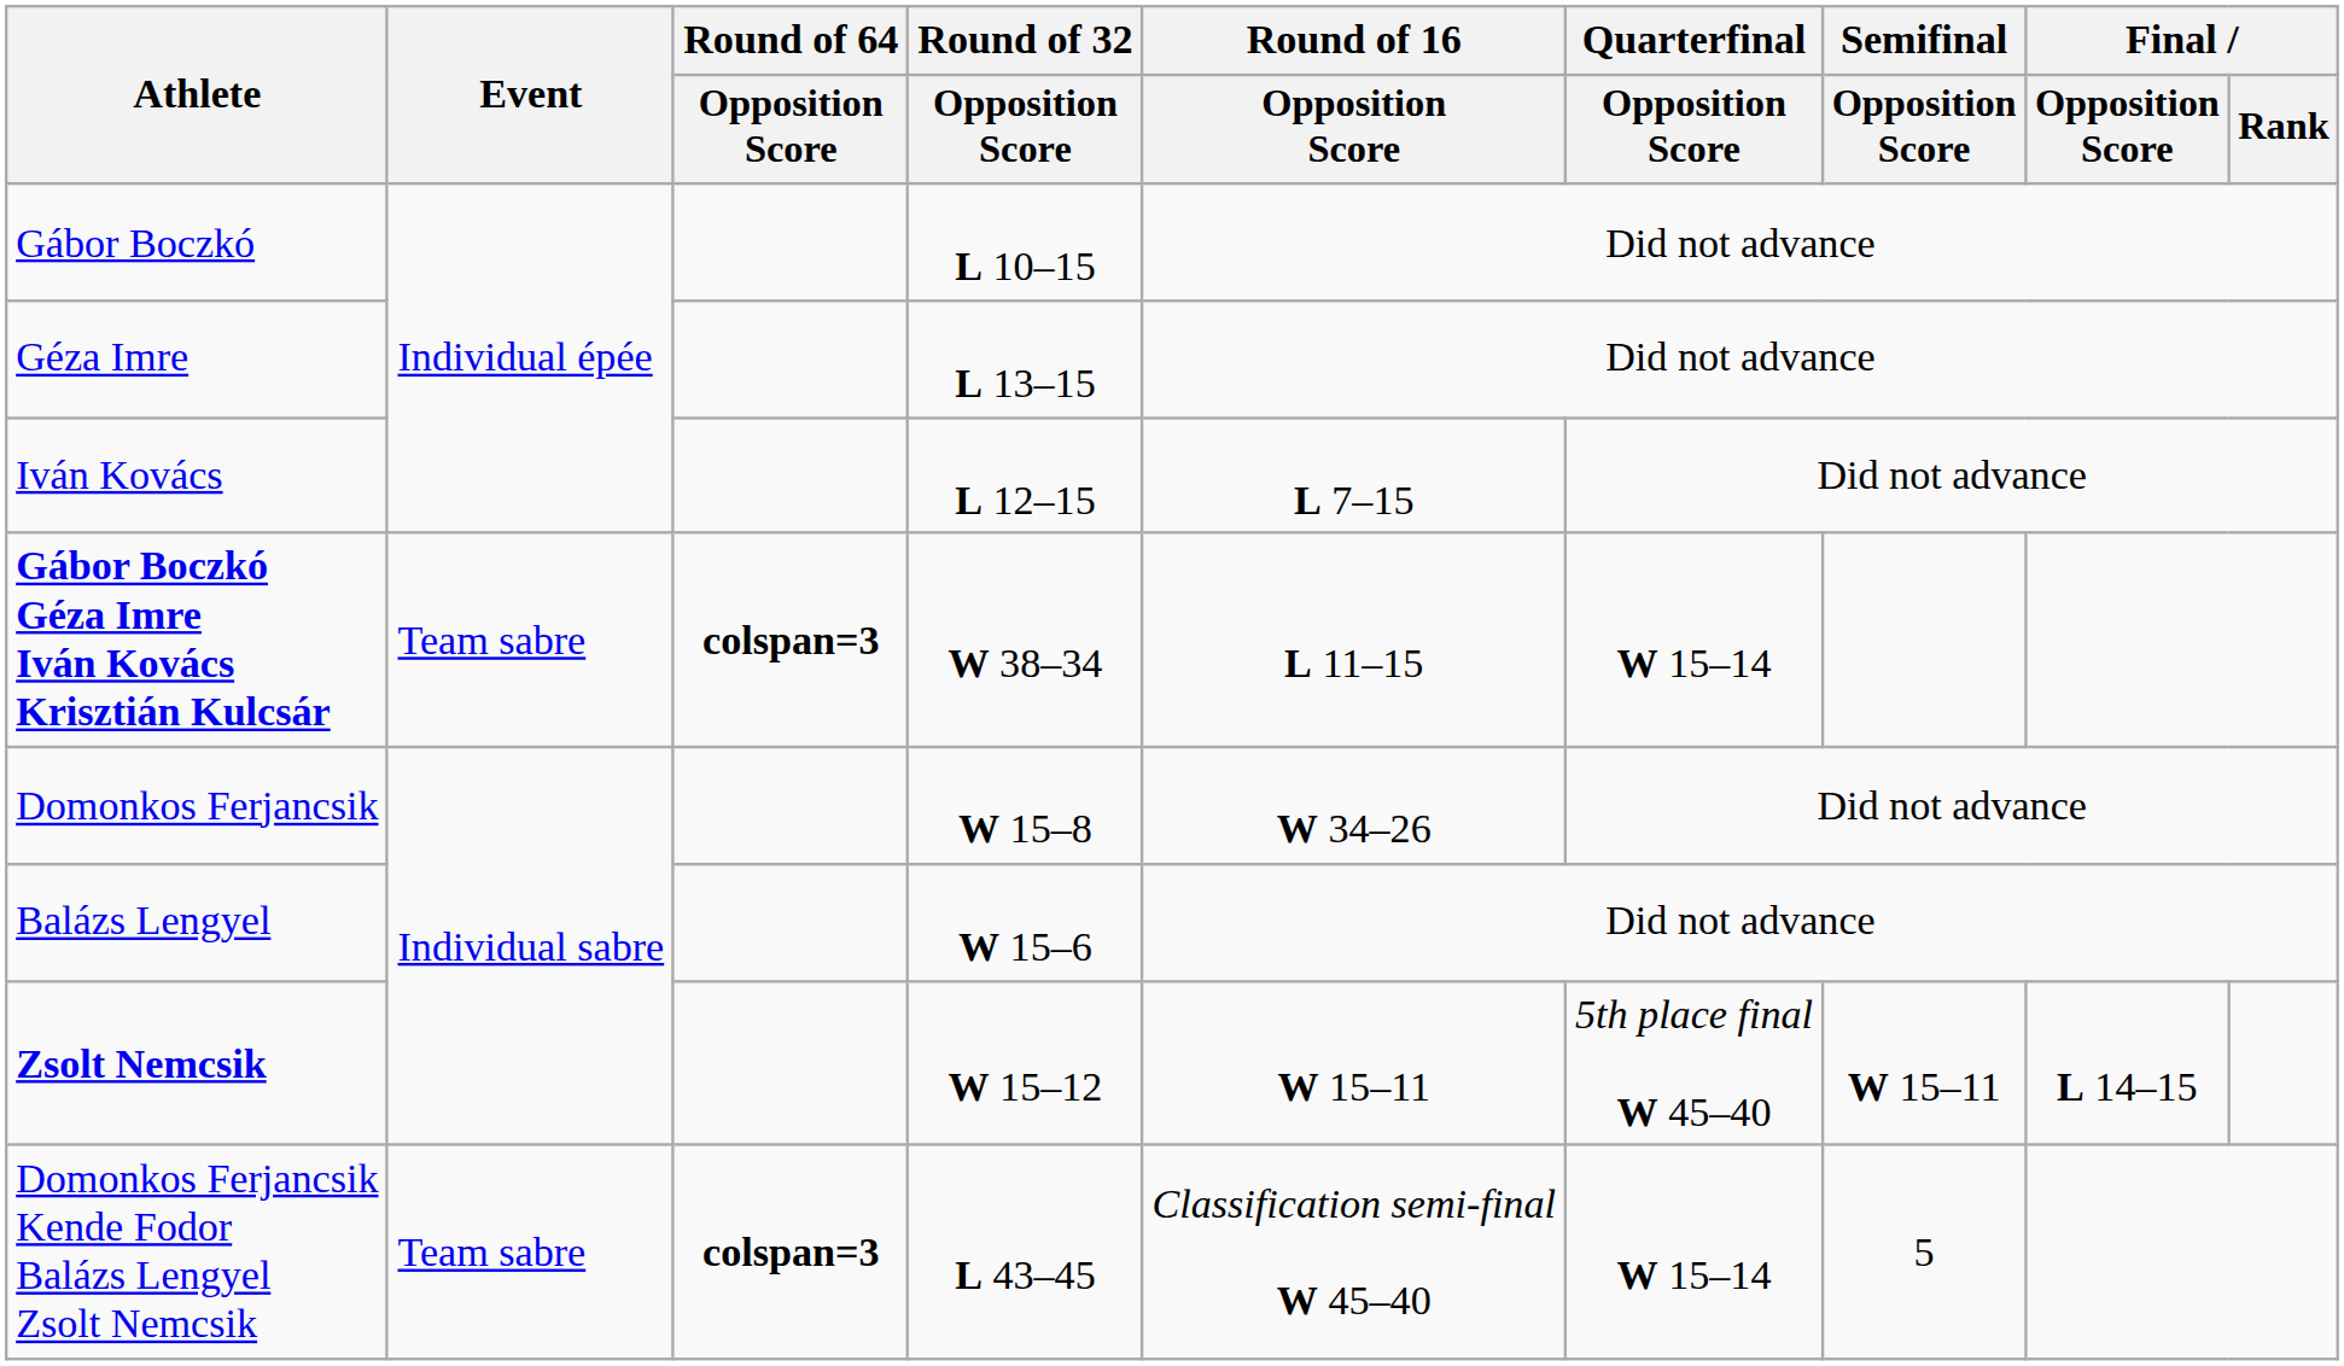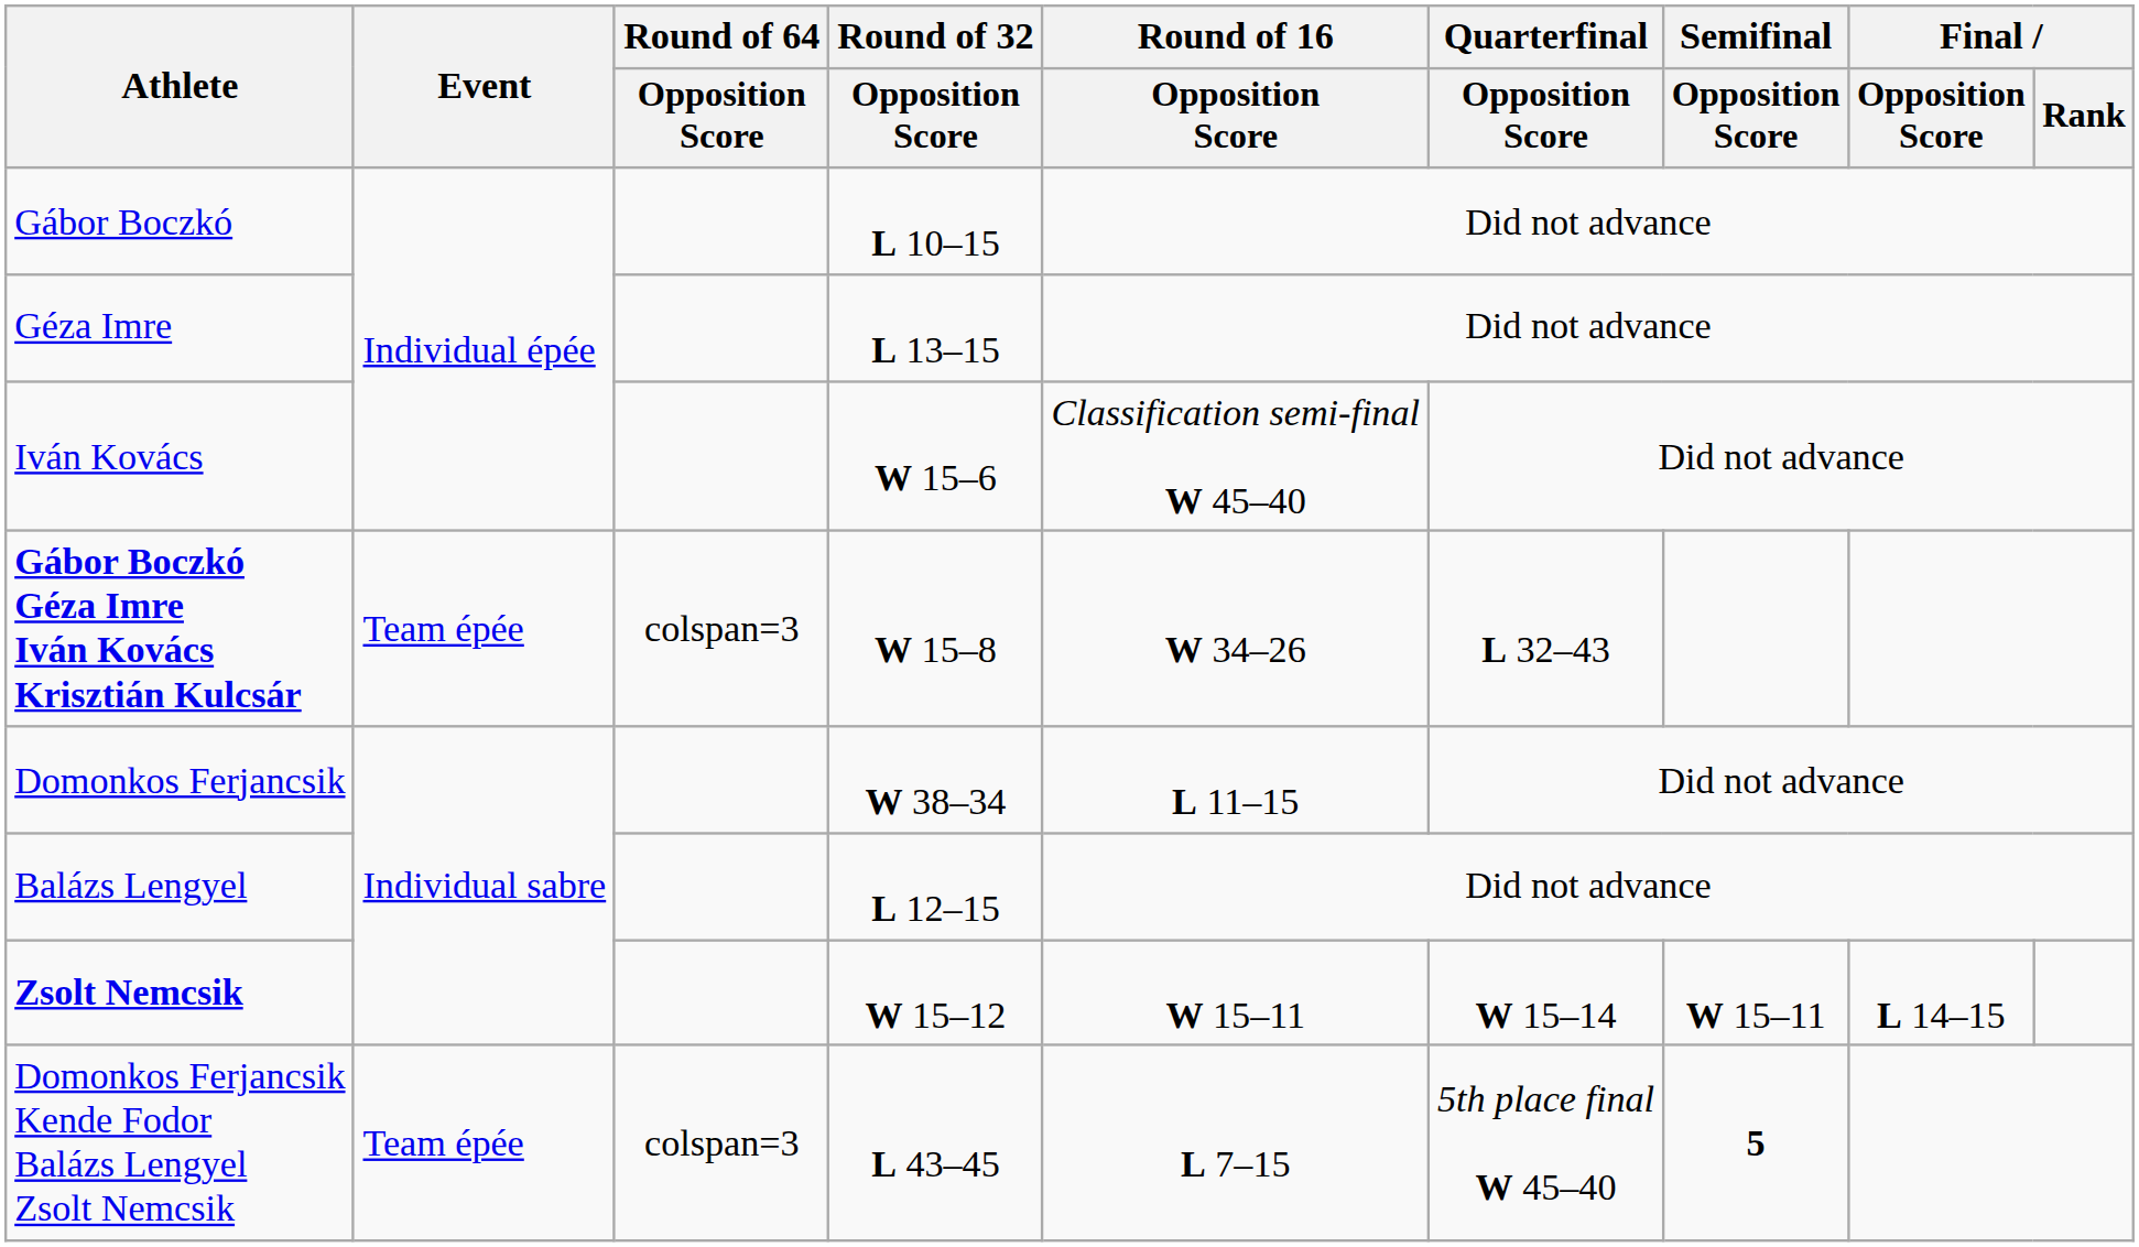 <table class="wikitable" style="font-size:90%">
 <tr>
 <th rowspan="2">Athlete</th>
 <th rowspan="2">Event</th>
 <th>Round of 64</th>
 <th>Round of 32</th>
 <th>Round of 16</th>
 <th>Quarterfinal</th>
 <th>Semifinal</th>
 <th colspan=2>Final / </th>
 </tr>
 <tr style="font-size:95%">
 <th>Opposition <br> Score</th>
 <th>Opposition <br> Score</th>
 <th>Opposition <br> Score</th>
 <th>Opposition <br> Score</th>
 <th>Opposition <br> Score</th>
 <th>Opposition <br> Score</th>
 <th>Rank</th>
 </tr>
 <tr align=center>
 <td align=left><a href='#'>Gábor Boczkó</a></td>
 <td align=left rowspan=3><a href='#'>Individual épée</a></td>
 <td></td>
 <td><br><strong>L</strong> 10–15</td>
 <td colspan=5>Did not advance</td>
 </tr>
 <tr align=center>
 <td align=left><a href='#'>Géza Imre</a></td>
 <td></td>
 <td><br><strong>L</strong> 13–15</td>
 <td colspan=5>Did not advance</td>
 </tr>
 <tr align=center>
 <td align=left><a href='#'>Iván Kovács</a></td>
 <td></td>
-<td><br><strong>L</strong> 12–15</td>
-<td><br><strong>L</strong> 7–15</td>
+<td><br><strong>W</strong> 15–6</td>
+<td><em>Classification semi-final</em><br><br><strong>W</strong> 45–40</td>
 <td colspan=4>Did not advance</td>
 </tr>
 <tr align=center>
 <td align=left><strong><a href='#'>Gábor Boczkó</a><br><a href='#'>Géza Imre</a><br><a href='#'>Iván Kovács</a><br><a href='#'>Krisztián Kulcsár</a></strong></td>
-<td align=left><a href='#'>Team sabre</a></td>
-<td><strong>colspan=3 </strong></td>
-<td><br><strong>W</strong> 38–34</td>
-<td><br><strong>L</strong> 11–15</td>
-<td><br><strong>W</strong> 15–14</td>
+<td align=left><a href='#'>Team épée</a></td>
+<td>colspan=3 </td>
+<td><br><strong>W</strong> 15–8</td>
+<td><br><strong>W</strong> 34–26</td>
+<td><br><strong>L</strong> 32–43</td>
 <td></td>
 </tr>
 <tr align=center>
 <td align=left><a href='#'>Domonkos Ferjancsik</a></td>
 <td align=left rowspan=3><a href='#'>Individual sabre</a></td>
 <td></td>
-<td><br><strong>W</strong> 15–8</td>
-<td><br><strong>W</strong> 34–26</td>
+<td><br><strong>W</strong> 38–34</td>
+<td><br><strong>L</strong> 11–15</td>
 <td colspan=4>Did not advance</td>
 </tr>
 <tr align=center>
 <td align=left><a href='#'>Balázs Lengyel</a></td>
 <td></td>
-<td><br><strong>W</strong> 15–6</td>
+<td><br><strong>L</strong> 12–15</td>
 <td colspan=5>Did not advance</td>
 </tr>
 <tr align=center>
 <td align=left><strong><a href='#'>Zsolt Nemcsik</a></strong></td>
 <td></td>
 <td><br><strong>W</strong> 15–12</td>
 <td><br><strong>W</strong> 15–11</td>
-<td><em>5th place final</em><br><br><strong>W</strong> 45–40</td>
+<td><br><strong>W</strong> 15–14</td>
 <td><br><strong>W</strong> 15–11</td>
 <td><br><strong>L</strong> 14–15</td>
 <td></td>
 </tr>
 <tr align=center>
 <td align=left><a href='#'>Domonkos Ferjancsik</a><br><a href='#'>Kende Fodor</a><br><a href='#'>Balázs Lengyel</a><br><a href='#'>Zsolt Nemcsik</a></td>
-<td align=left><a href='#'>Team sabre</a></td>
-<td><strong>colspan=3 </strong></td>
+<td align=left><a href='#'>Team épée</a></td>
+<td>colspan=3 </td>
 <td><br><strong>L</strong> 43–45</td>
-<td><em>Classification semi-final</em><br><br><strong>W</strong> 45–40</td>
-<td><br><strong>W</strong> 15–14</td>
-<td>5</td>
+<td><br><strong>L</strong> 7–15</td>
+<td><em>5th place final</em><br><br><strong>W</strong> 45–40</td>
+<td><strong>5</strong></td>
 </tr>
 </table>
